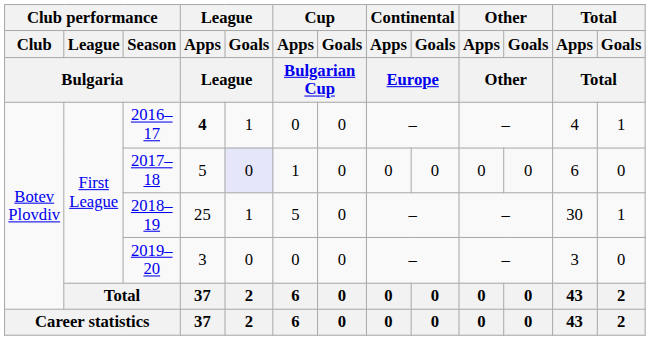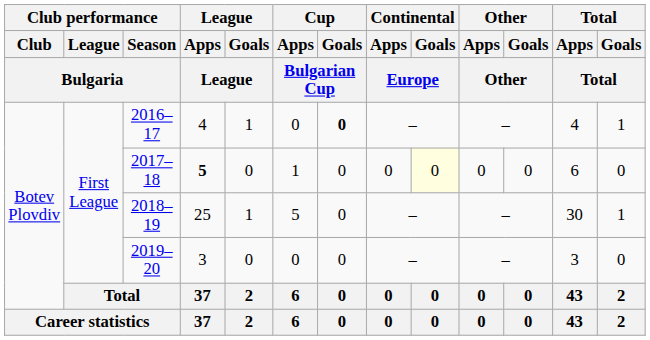 <table class="wikitable" style="text-align: center">
 <tr>
 <th colspan="3">Club performance</th>
 <th colspan="2">League</th>
 <th colspan="2">Cup</th>
 <th colspan="2">Continental</th>
 <th colspan="2">Other</th>
 <th colspan="3">Total</th>
 </tr>
 <tr>
 <th>Club</th>
 <th>League</th>
 <th>Season</th>
 <th>Apps</th>
 <th>Goals</th>
 <th>Apps</th>
 <th>Goals</th>
 <th>Apps</th>
 <th>Goals</th>
 <th>Apps</th>
 <th>Goals</th>
 <th>Apps</th>
 <th>Goals</th>
 </tr>
 <tr>
 <th colspan="3">Bulgaria</th>
 <th colspan="2">League</th>
 <th colspan="2"><a href='#'>Bulgarian Cup</a></th>
 <th colspan="2"><a href='#'>Europe</a></th>
 <th colspan="2">Other</th>
 <th colspan="2">Total</th>
 </tr>
 <tr>
 <td rowspan="5" valign="center"><a href='#'>Botev Plovdiv</a></td>
 <td rowspan="4"><a href='#'>First League</a></td>
 <td><a href='#'>2016–17</a></td>
-<td><strong>4</strong></td>
+<td>4</td>
 <td>1</td>
 <td>0</td>
-<td>0</td>
+<td><strong>0</strong></td>
 <td colspan="2">–</td>
 <td colspan="2">–</td>
 <td>4</td>
 <td>1</td>
 </tr>
 <tr>
 <td><a href='#'>2017–18</a></td>
-<td>5</td>
-<td style="background: lavender;">0</td>
+<td><strong>5</strong></td>
+<td>0</td>
 <td>1</td>
 <td>0</td>
 <td>0</td>
-<td>0</td>
+<td style="background: lightyellow;">0</td>
 <td>0</td>
 <td>0</td>
 <td>6</td>
 <td>0</td>
 </tr>
 <tr>
 <td><a href='#'>2018–19</a></td>
 <td>25</td>
 <td>1</td>
 <td>5</td>
 <td>0</td>
 <td colspan="2">–</td>
 <td colspan="2">–</td>
 <td>30</td>
 <td>1</td>
 </tr>
 <tr>
 <td><a href='#'>2019–20</a></td>
 <td>3</td>
 <td>0</td>
 <td>0</td>
 <td>0</td>
 <td colspan="2">–</td>
 <td colspan="2">–</td>
 <td>3</td>
 <td>0</td>
 </tr>
 <tr>
 <th colspan=2>Total</th>
 <th>37</th>
 <th>2</th>
 <th>6</th>
 <th>0</th>
 <th>0</th>
 <th>0</th>
 <th>0</th>
 <th>0</th>
 <th>43</th>
 <th>2</th>
 </tr>
 <tr>
 <th colspan="3">Career statistics</th>
 <th>37</th>
 <th>2</th>
 <th>6</th>
 <th>0</th>
 <th>0</th>
 <th>0</th>
 <th>0</th>
 <th>0</th>
 <th>43</th>
 <th>2</th>
 </tr>
 </table>
